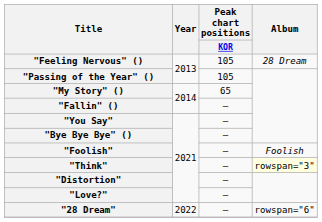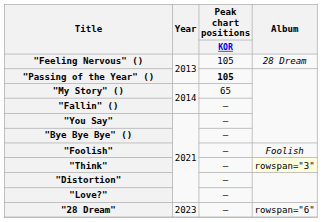 <table class="wikitable plainrowheaders" style="text-align:center;">
 <tr>
 <th scope="col" rowspan="2" style="width:18em;">Title</th>
 <th scope="col" rowspan="2">Year</th>
 <th scope="col" colspan="1">Peak chart positions</th>
 <th scope="col" rowspan="2">Album</th>
 </tr>
 <tr>
 <th scope="col" style="width:2.5em;font-size:90%;"><a href='#'>KOR</a><br></th>
 </tr>
 <tr>
 <th scope="row">"Feeling Nervous" () </th>
 <td rowspan="2">2013</td>
 <td>105</td>
 <td><em>28 Dream</em></td>
 </tr>
 <tr>
 <th scope="row">"Passing of the Year" () </th>
-<td>105</td>
+<td><strong>105</strong></td>
 </tr>
 <tr>
 <th scope="row">"My Story" ()</th>
 <td rowspan="2">2014</td>
 <td>65</td>
 </tr>
 <tr>
 <th scope="row">"Fallin" ()</th>
 <td>—</td>
 </tr>
 <tr>
 <th scope="row">"You Say"</th>
 <td rowspan="6">2021</td>
 <td>—</td>
 </tr>
 <tr>
 <th scope="row">"Bye Bye Bye" ()</th>
 <td>—</td>
 </tr>
 <tr>
 <th scope="row">"Foolish"</th>
 <td>—</td>
 <td><em>Foolish</em></td>
 </tr>
 <tr>
 <th scope="row">"Think"</th>
 <td>—</td>
 <td style="background: lightyellow;">rowspan="3" </td>
 </tr>
 <tr>
 <th scope="row">"Distortion"</th>
 <td>—</td>
 </tr>
 <tr>
 <th scope="row">"Love?"</th>
 <td>—</td>
 </tr>
 <tr>
 <th scope="row">"28 Dream"</th>
-<td>2022</td>
+<td>2023</td>
 <td>—</td>
 <td>rowspan="6" </td>
 </tr>
 <tr>
 </tr>
 </table>
